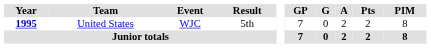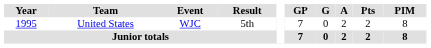 <table border="0" cellpadding="1" cellspacing="0" style="text-align:center; width:40em">
 <tr ALIGN="center" bgcolor="#e0e0e0">
 <th>Year</th>
 <th>Team</th>
 <th>Event</th>
 <th>Result</th>
 <th rowspan="99" bgcolor="#ffffff"> </th>
 <th>GP</th>
 <th>G</th>
 <th>A</th>
 <th>Pts</th>
 <th>PIM</th>
 </tr>
 <tr>
-<td><strong><a href='#'>1995</a></strong></td>
+<td><a href='#'>1995</a></td>
 <td><a href='#'>United States</a></td>
 <td><a href='#'>WJC</a></td>
 <td>5th</td>
 <td>7</td>
 <td>0</td>
 <td>2</td>
 <td>2</td>
 <td>8</td>
 </tr>
 <tr bgcolor="#e0e0e0">
 <th colspan="4">Junior totals</th>
 <th>7</th>
 <th>0</th>
 <th>2</th>
 <th>2</th>
 <th>8</th>
 </tr>
 </table>
